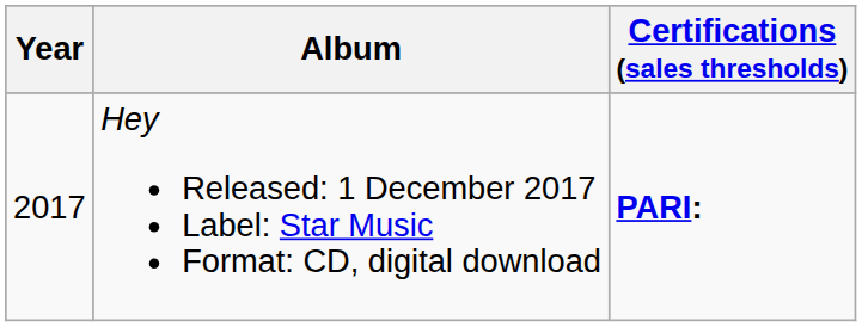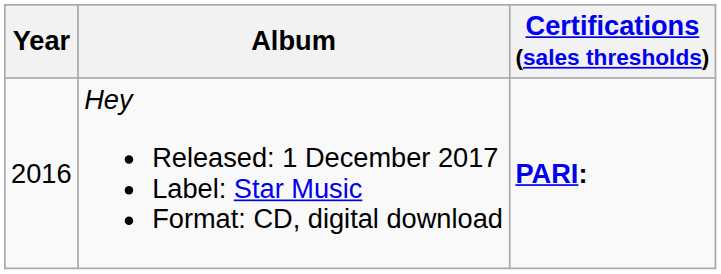 <table class="wikitable">
 <tr>
 <th>Year</th>
 <th>Album</th>
 <th><a href='#'>Certifications</a><br><small>(<a href='#'>sales thresholds</a>)</small></th>
 </tr>
 <tr>
-<td>2017</td>
+<td>2016</td>
 <td><em>Hey</em><br><ul><li>Released: 1 December 2017</li><li>Label: <a href='#'>Star Music</a></li><li>Format: CD, digital download</li></ul></td>
 <td><strong><a href='#'>PARI</a>:</strong></td>
 </tr>
 </table>
